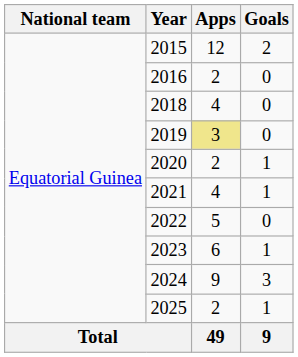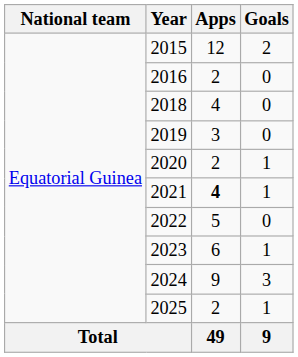 <table class="wikitable" style="text-align:center">
 <tr>
 <th>National team</th>
 <th>Year</th>
 <th>Apps</th>
 <th>Goals</th>
 </tr>
 <tr>
 <td rowspan="10"><a href='#'>Equatorial Guinea</a></td>
 <td>2015</td>
 <td>12</td>
 <td>2</td>
 </tr>
 <tr>
 <td>2016</td>
 <td>2</td>
 <td>0</td>
 </tr>
 <tr>
 <td>2018</td>
 <td>4</td>
 <td>0</td>
 </tr>
 <tr>
 <td>2019</td>
-<td style="background: khaki;">3</td>
+<td>3</td>
 <td>0</td>
 </tr>
 <tr>
 <td>2020</td>
 <td>2</td>
 <td>1</td>
 </tr>
 <tr>
 <td>2021</td>
-<td>4</td>
+<td><strong>4</strong></td>
 <td>1</td>
 </tr>
 <tr>
 <td>2022</td>
 <td>5</td>
 <td>0</td>
 </tr>
 <tr>
 <td>2023</td>
 <td>6</td>
 <td>1</td>
 </tr>
 <tr>
 <td>2024</td>
 <td>9</td>
 <td>3</td>
 </tr>
 <tr>
 <td>2025</td>
 <td>2</td>
 <td>1</td>
 </tr>
 <tr>
 <th colspan="2">Total</th>
 <th>49</th>
 <th>9</th>
 </tr>
 </table>
